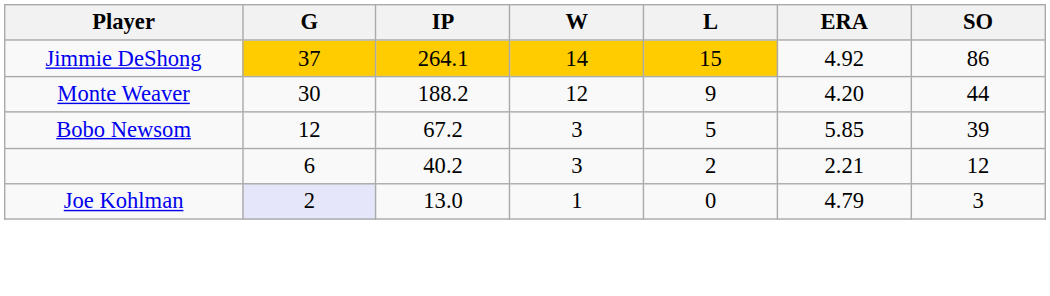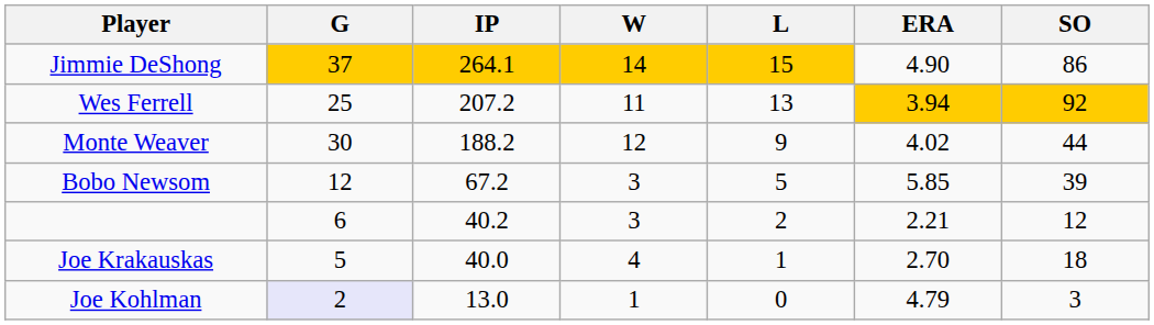 <table class="wikitable sortable">
 <tr>
 <th bgcolor="#DDDDFF" width="16%">Player</th>
 <th bgcolor="#DDDDFF" width="9%">G</th>
 <th bgcolor="#DDDDFF" width="9%">IP</th>
 <th bgcolor="#DDDDFF" width="9%">W</th>
 <th bgcolor="#DDDDFF" width="9%">L</th>
 <th bgcolor="#DDDDFF" width="9%">ERA</th>
 <th bgcolor="#DDDDFF" width="9%">SO</th>
 </tr>
 <tr align="center">
 <td><a href='#'>Jimmie DeShong</a></td>
 <td style="background:#fc0;">37</td>
 <td style="background:#fc0;">264.1</td>
 <td style="background:#fc0;">14</td>
 <td style="background:#fc0;">15</td>
-<td>4.92</td>
+<td>4.90</td>
 <td>86</td>
+</tr>
+<tr align="center">
+<td><a href='#'>Wes Ferrell</a></td>
+<td>25</td>
+<td>207.2</td>
+<td>11</td>
+<td>13</td>
+<td style="background:#fc0;">3.94</td>
+<td style="background:#fc0;">92</td>
 </tr>
 <tr align="center">
 <td><a href='#'>Monte Weaver</a></td>
 <td>30</td>
 <td>188.2</td>
 <td>12</td>
 <td>9</td>
-<td>4.20</td>
+<td>4.02</td>
 <td>44</td>
 </tr>
 <tr align="center">
 <td><a href='#'>Bobo Newsom</a></td>
 <td>12</td>
 <td>67.2</td>
 <td>3</td>
 <td>5</td>
 <td>5.85</td>
 <td>39</td>
 </tr>
 <tr align="center">
 <td></td>
 <td>6</td>
 <td>40.2</td>
 <td>3</td>
 <td>2</td>
 <td>2.21</td>
 <td>12</td>
 </tr>
 <tr align="center">
+<td><a href='#'>Joe Krakauskas</a></td>
+<td>5</td>
+<td>40.0</td>
+<td>4</td>
+<td>1</td>
+<td>2.70</td>
+<td>18</td>
+</tr>
+<tr align="center">
 <td><a href='#'>Joe Kohlman</a></td>
 <td style="background: lavender;">2</td>
 <td>13.0</td>
 <td>1</td>
 <td>0</td>
 <td>4.79</td>
 <td>3</td>
 </tr>
 </table>
